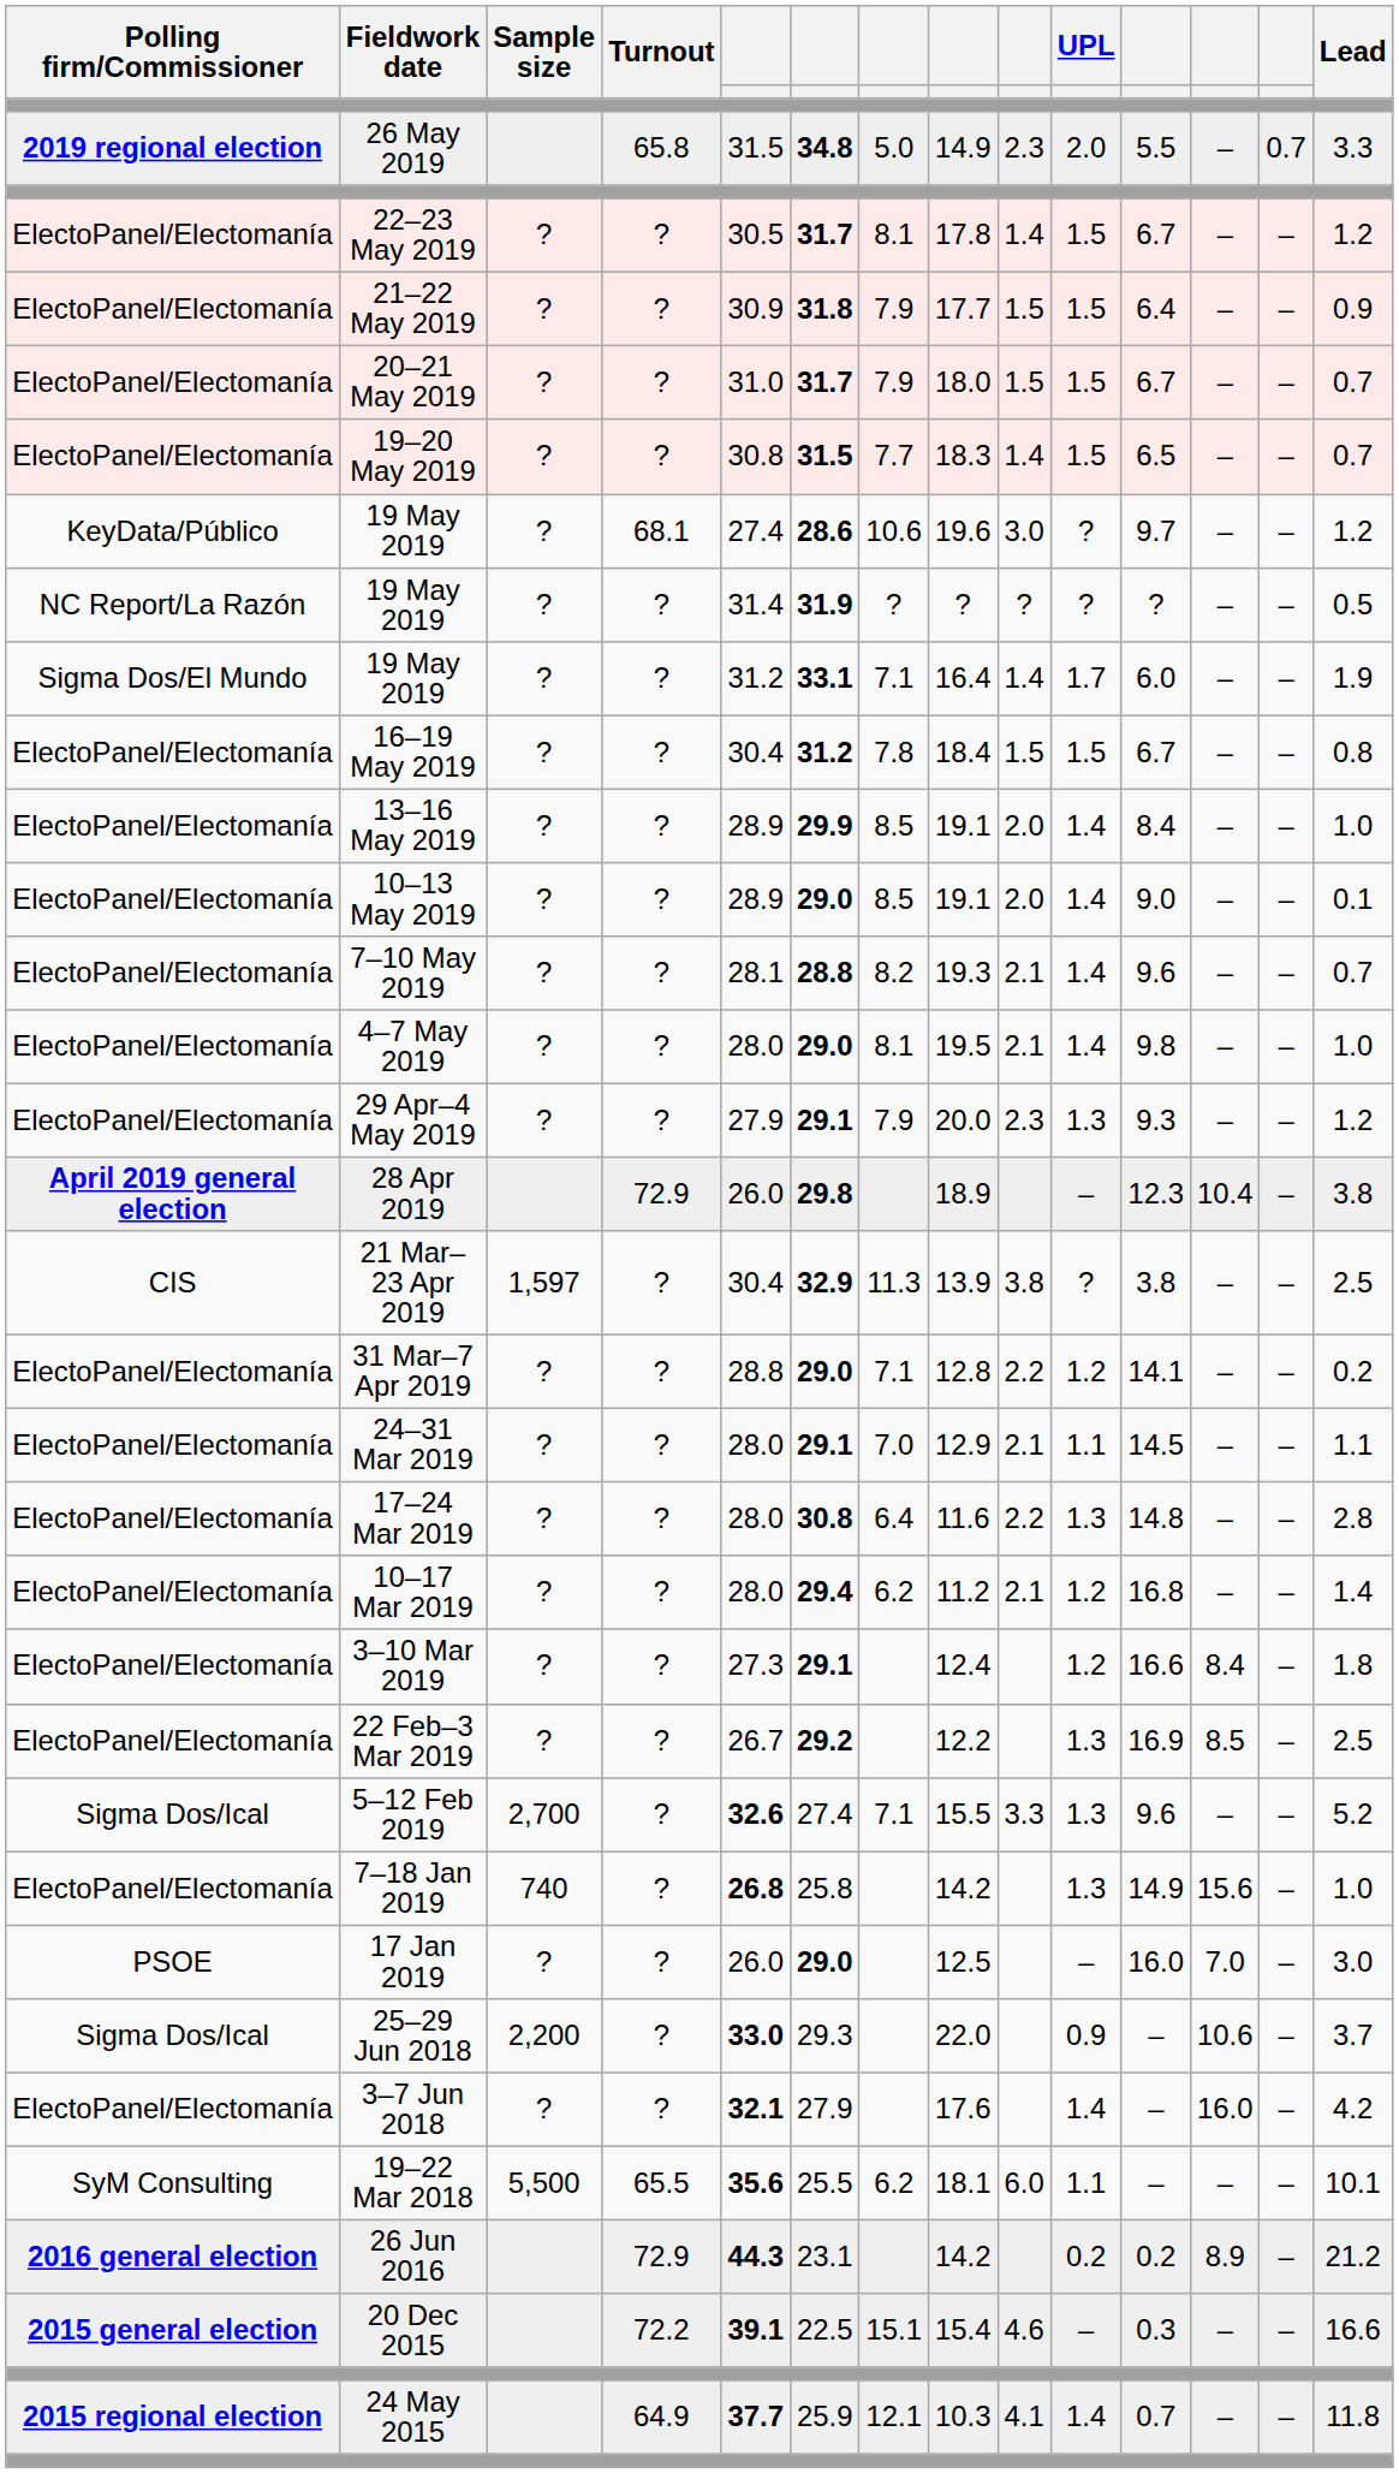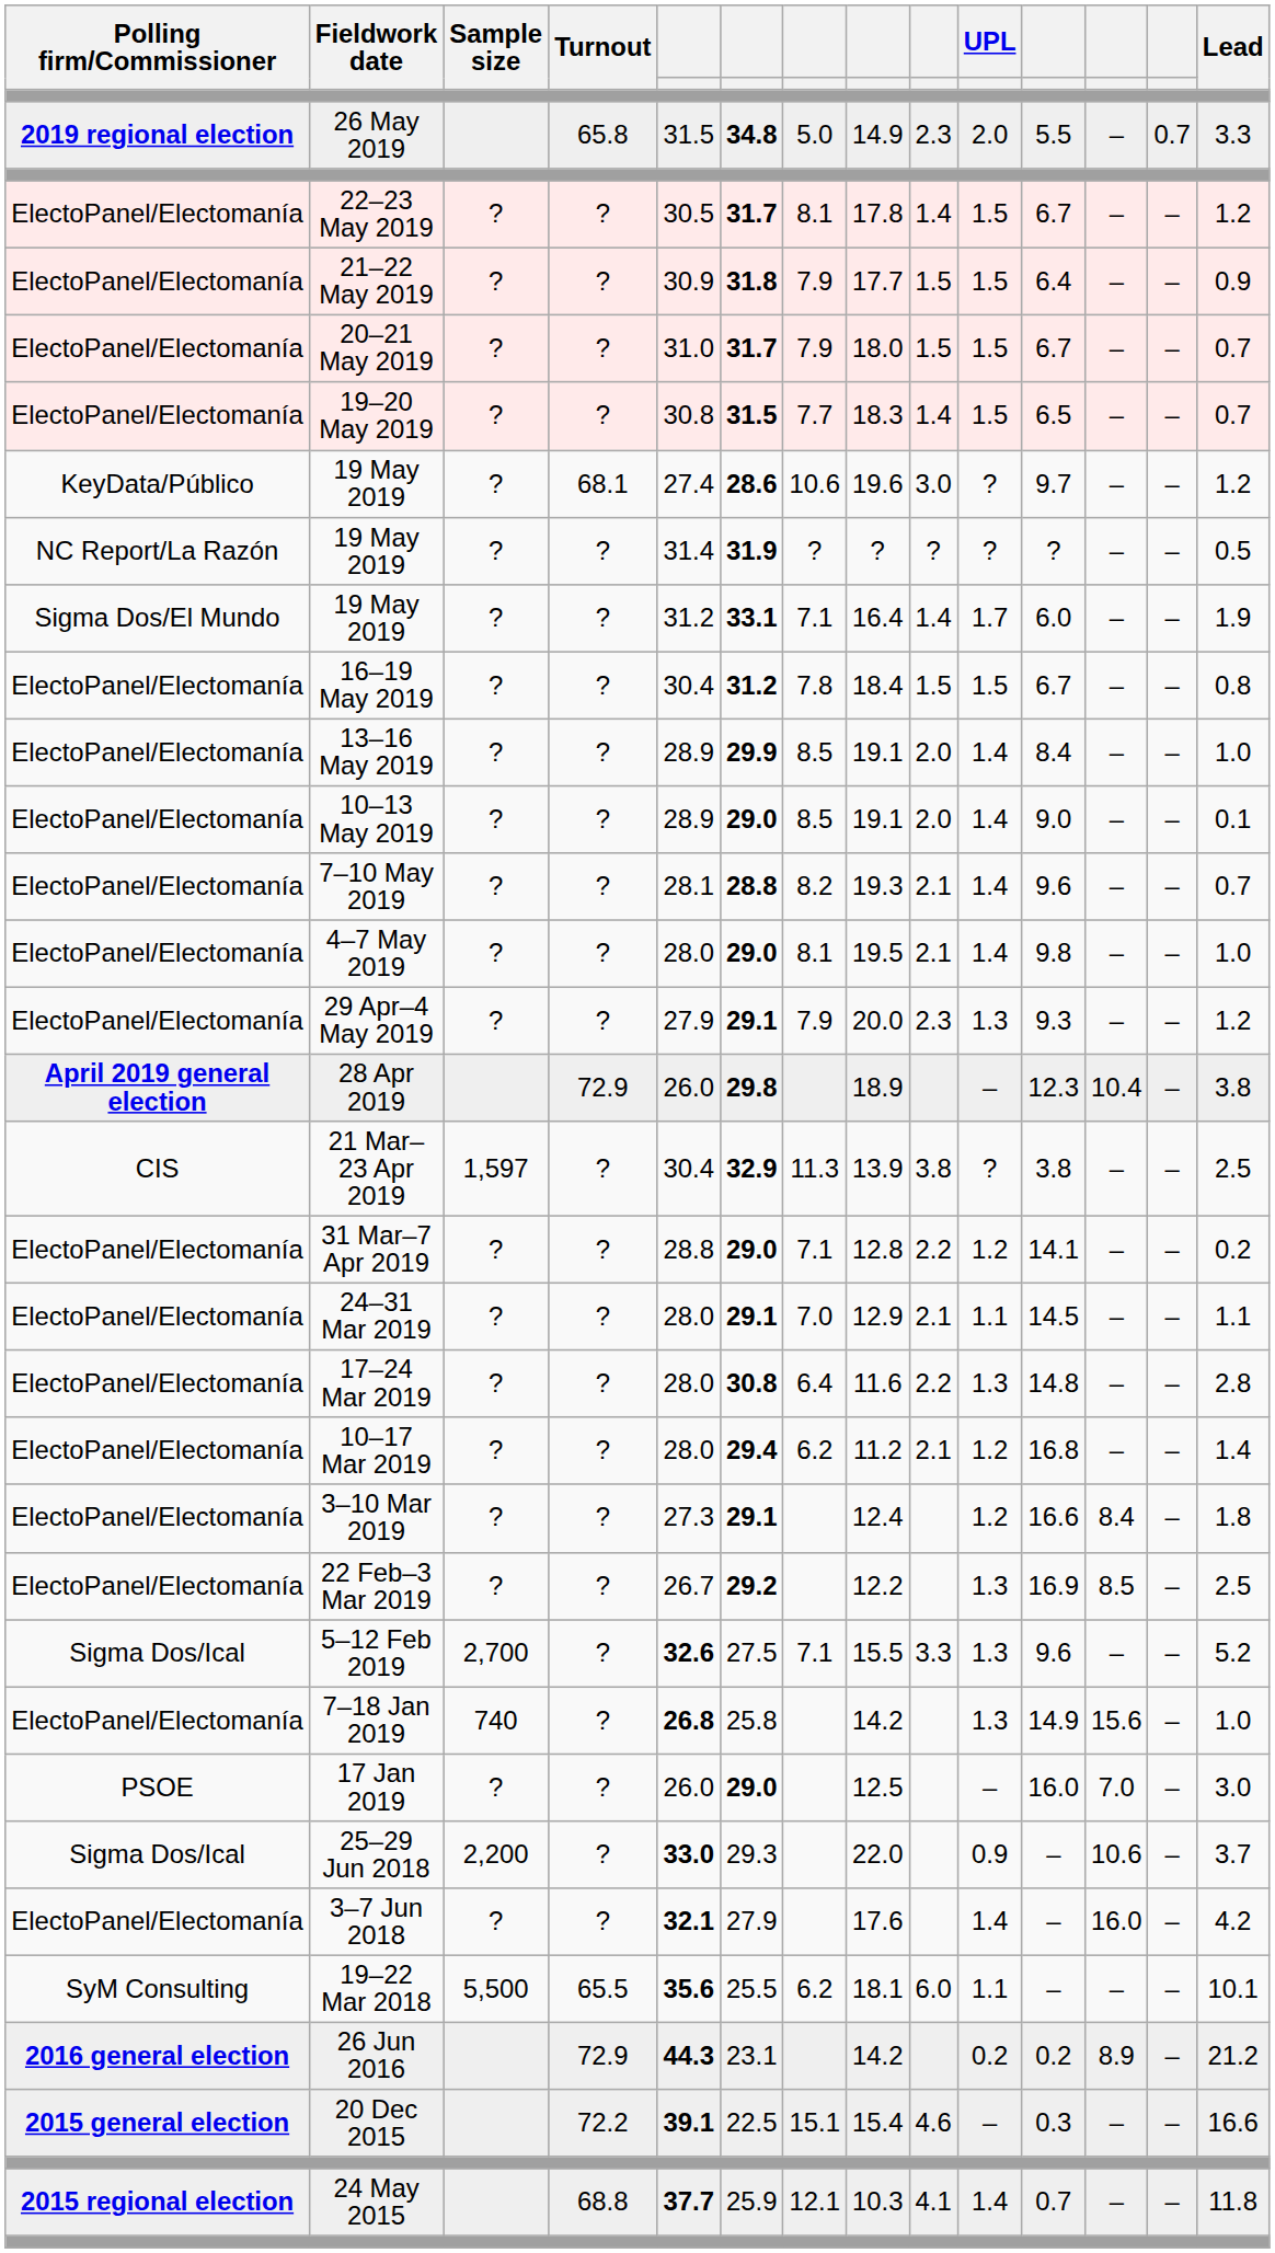 <table class="wikitable collapsible collapsed" style="text-align:center; font-size:95%; line-height:16px;">
 <tr style="height:42px;">
 <th style="width:250px;" rowspan="2">Polling firm/Commissioner</th>
 <th style="width:125px;" rowspan="2">Fieldwork date</th>
 <th style="width:50px;" rowspan="2">Sample size</th>
 <th style="width:45px;" rowspan="2">Turnout</th>
 <th style="width:35px;"></th>
 <th style="width:35px;"></th>
 <th style="width:35px;"></th>
 <th style="width:35px;"></th>
 <th style="width:35px;"></th>
 <th style="width:35px;"><a href='#'>UPL</a></th>
 <th style="width:35px;"></th>
 <th style="width:35px;"></th>
 <th style="width:35px;"></th>
 <th style="width:30px;" rowspan="2">Lead</th>
 </tr>
 <tr>
 <th style="color:inherit;background:"></th>
 <th style="color:inherit;background:"></th>
 <th style="color:inherit;background:"></th>
 <th style="color:inherit;background:"></th>
 <th style="color:inherit;background:"></th>
 <th style="color:inherit;background:"></th>
 <th style="color:inherit;background:"></th>
 <th style="color:inherit;background:"></th>
 <th style="color:inherit;background:"></th>
 </tr>
 <tr>
 <td colspan="14" style="background:#A0A0A0"></td>
 </tr>
 <tr style="background:#EFEFEF;">
 <td><strong><a href='#'>2019 regional election</a></strong></td>
 <td>26 May 2019</td>
 <td></td>
 <td>65.8</td>
 <td>31.5<br></td>
 <td><strong>34.8</strong><br></td>
 <td>5.0<br></td>
 <td>14.9<br></td>
 <td>2.3<br></td>
 <td>2.0<br></td>
 <td>5.5<br></td>
 <td>–</td>
 <td>0.7<br></td>
 <td style="background:">3.3</td>
 </tr>
 <tr>
 <td colspan="14" style="background:#A0A0A0"></td>
 </tr>
 <tr style="background:#FFEAEA;">
 <td>ElectoPanel/Electomanía</td>
 <td>22–23 May 2019</td>
 <td>?</td>
 <td>?</td>
 <td>30.5<br></td>
 <td><strong>31.7</strong><br></td>
 <td>8.1<br></td>
 <td>17.8<br></td>
 <td>1.4<br></td>
 <td>1.5<br></td>
 <td>6.7<br></td>
 <td>–</td>
 <td>–</td>
 <td style="background:">1.2</td>
 </tr>
 <tr style="background:#FFEAEA;">
 <td>ElectoPanel/Electomanía</td>
 <td>21–22 May 2019</td>
 <td>?</td>
 <td>?</td>
 <td>30.9<br></td>
 <td><strong>31.8</strong><br></td>
 <td>7.9<br></td>
 <td>17.7<br></td>
 <td>1.5<br></td>
 <td>1.5<br></td>
 <td>6.4<br></td>
 <td>–</td>
 <td>–</td>
 <td style="background:">0.9</td>
 </tr>
 <tr style="background:#FFEAEA;">
 <td>ElectoPanel/Electomanía</td>
 <td>20–21 May 2019</td>
 <td>?</td>
 <td>?</td>
 <td>31.0<br></td>
 <td><strong>31.7</strong><br></td>
 <td>7.9<br></td>
 <td>18.0<br></td>
 <td>1.5<br></td>
 <td>1.5<br></td>
 <td>6.7<br></td>
 <td>–</td>
 <td>–</td>
 <td style="background:">0.7</td>
 </tr>
 <tr style="background:#FFEAEA;">
 <td>ElectoPanel/Electomanía</td>
 <td>19–20 May 2019</td>
 <td>?</td>
 <td>?</td>
 <td>30.8<br></td>
 <td><strong>31.5</strong><br></td>
 <td>7.7<br></td>
 <td>18.3<br></td>
 <td>1.4<br></td>
 <td>1.5<br></td>
 <td>6.5<br></td>
 <td>–</td>
 <td>–</td>
 <td style="background:">0.7</td>
 </tr>
 <tr>
 <td>KeyData/Público</td>
 <td>19 May 2019</td>
 <td>?</td>
 <td>68.1</td>
 <td>27.4<br></td>
 <td><strong>28.6</strong><br></td>
 <td>10.6<br></td>
 <td>19.6<br></td>
 <td>3.0<br></td>
 <td>?<br></td>
 <td>9.7<br></td>
 <td>–</td>
 <td>–</td>
 <td style="background:">1.2</td>
 </tr>
 <tr>
 <td>NC Report/La Razón</td>
 <td>19 May 2019</td>
 <td>?</td>
 <td>?</td>
 <td>31.4<br></td>
 <td><strong>31.9</strong><br></td>
 <td>?<br></td>
 <td>?<br></td>
 <td>?<br></td>
 <td>?<br></td>
 <td>?<br></td>
 <td>–</td>
 <td>–</td>
 <td style="background:">0.5</td>
 </tr>
 <tr>
 <td>Sigma Dos/El Mundo</td>
 <td>19 May 2019</td>
 <td>?</td>
 <td>?</td>
 <td>31.2<br></td>
 <td><strong>33.1</strong><br></td>
 <td>7.1<br></td>
 <td>16.4<br></td>
 <td>1.4<br></td>
 <td>1.7<br></td>
 <td>6.0<br></td>
 <td>–</td>
 <td>–</td>
 <td style="background:">1.9</td>
 </tr>
 <tr>
 <td>ElectoPanel/Electomanía</td>
 <td>16–19 May 2019</td>
 <td>?</td>
 <td>?</td>
 <td>30.4<br></td>
 <td><strong>31.2</strong><br></td>
 <td>7.8<br></td>
 <td>18.4<br></td>
 <td>1.5<br></td>
 <td>1.5<br></td>
 <td>6.7<br></td>
 <td>–</td>
 <td>–</td>
 <td style="background:">0.8</td>
 </tr>
 <tr>
 <td>ElectoPanel/Electomanía</td>
 <td>13–16 May 2019</td>
 <td>?</td>
 <td>?</td>
 <td>28.9<br></td>
 <td><strong>29.9</strong><br></td>
 <td>8.5<br></td>
 <td>19.1<br></td>
 <td>2.0<br></td>
 <td>1.4<br></td>
 <td>8.4<br></td>
 <td>–</td>
 <td>–</td>
 <td style="background:">1.0</td>
 </tr>
 <tr>
 <td>ElectoPanel/Electomanía</td>
 <td>10–13 May 2019</td>
 <td>?</td>
 <td>?</td>
 <td>28.9<br></td>
 <td><strong>29.0</strong><br></td>
 <td>8.5<br></td>
 <td>19.1<br></td>
 <td>2.0<br></td>
 <td>1.4<br></td>
 <td>9.0<br></td>
 <td>–</td>
 <td>–</td>
 <td style="background:">0.1</td>
 </tr>
 <tr>
 <td>ElectoPanel/Electomanía</td>
 <td>7–10 May 2019</td>
 <td>?</td>
 <td>?</td>
 <td>28.1<br></td>
 <td><strong>28.8</strong><br></td>
 <td>8.2<br></td>
 <td>19.3<br></td>
 <td>2.1<br></td>
 <td>1.4<br></td>
 <td>9.6<br></td>
 <td>–</td>
 <td>–</td>
 <td style="background:">0.7</td>
 </tr>
 <tr>
 <td>ElectoPanel/Electomanía</td>
 <td>4–7 May 2019</td>
 <td>?</td>
 <td>?</td>
 <td>28.0<br></td>
 <td><strong>29.0</strong><br></td>
 <td>8.1<br></td>
 <td>19.5<br></td>
 <td>2.1<br></td>
 <td>1.4<br></td>
 <td>9.8<br></td>
 <td>–</td>
 <td>–</td>
 <td style="background:">1.0</td>
 </tr>
 <tr>
 <td>ElectoPanel/Electomanía</td>
 <td>29 Apr–4 May 2019</td>
 <td>?</td>
 <td>?</td>
 <td>27.9<br></td>
 <td><strong>29.1</strong><br></td>
 <td>7.9<br></td>
 <td>20.0<br></td>
 <td>2.3<br></td>
 <td>1.3<br></td>
 <td>9.3<br></td>
 <td>–</td>
 <td>–</td>
 <td style="background:">1.2</td>
 </tr>
 <tr style="background:#EFEFEF;">
 <td><strong><a href='#'>April 2019 general election</a></strong></td>
 <td>28 Apr 2019</td>
 <td></td>
 <td>72.9</td>
 <td>26.0<br></td>
 <td><strong>29.8</strong><br></td>
 <td></td>
 <td>18.9<br></td>
 <td></td>
 <td>–</td>
 <td>12.3<br></td>
 <td>10.4<br></td>
 <td>–</td>
 <td style="background:">3.8</td>
 </tr>
 <tr>
 <td>CIS</td>
 <td>21 Mar–23 Apr 2019</td>
 <td>1,597</td>
 <td>?</td>
 <td>30.4<br></td>
 <td><strong>32.9</strong><br></td>
 <td>11.3<br></td>
 <td>13.9<br></td>
 <td>3.8<br></td>
 <td>?<br></td>
 <td>3.8<br></td>
 <td>–</td>
 <td>–</td>
 <td style="background:">2.5</td>
 </tr>
 <tr>
 <td>ElectoPanel/Electomanía</td>
 <td>31 Mar–7 Apr 2019</td>
 <td>?</td>
 <td>?</td>
 <td>28.8<br></td>
 <td><strong>29.0</strong><br></td>
 <td>7.1<br></td>
 <td>12.8<br></td>
 <td>2.2<br></td>
 <td>1.2<br></td>
 <td>14.1<br></td>
 <td>–</td>
 <td>–</td>
 <td style="background:">0.2</td>
 </tr>
 <tr>
 <td>ElectoPanel/Electomanía</td>
 <td>24–31 Mar 2019</td>
 <td>?</td>
 <td>?</td>
 <td>28.0<br></td>
 <td><strong>29.1</strong><br></td>
 <td>7.0<br></td>
 <td>12.9<br></td>
 <td>2.1<br></td>
 <td>1.1<br></td>
 <td>14.5<br></td>
 <td>–</td>
 <td>–</td>
 <td style="background:">1.1</td>
 </tr>
 <tr>
 <td>ElectoPanel/Electomanía</td>
 <td>17–24 Mar 2019</td>
 <td>?</td>
 <td>?</td>
 <td>28.0<br></td>
 <td><strong>30.8</strong><br></td>
 <td>6.4<br></td>
 <td>11.6<br></td>
 <td>2.2<br></td>
 <td>1.3<br></td>
 <td>14.8<br></td>
 <td>–</td>
 <td>–</td>
 <td style="background:">2.8</td>
 </tr>
 <tr>
 <td>ElectoPanel/Electomanía</td>
 <td>10–17 Mar 2019</td>
 <td>?</td>
 <td>?</td>
 <td>28.0<br></td>
 <td><strong>29.4</strong><br></td>
 <td>6.2<br></td>
 <td>11.2<br></td>
 <td>2.1<br></td>
 <td>1.2<br></td>
 <td>16.8<br></td>
 <td>–</td>
 <td>–</td>
 <td style="background:">1.4</td>
 </tr>
 <tr>
 <td>ElectoPanel/Electomanía</td>
 <td>3–10 Mar 2019</td>
 <td>?</td>
 <td>?</td>
 <td>27.3<br></td>
 <td><strong>29.1</strong><br></td>
 <td></td>
 <td>12.4<br></td>
 <td></td>
 <td>1.2<br></td>
 <td>16.6<br></td>
 <td>8.4<br></td>
 <td>–</td>
 <td style="background:">1.8</td>
 </tr>
 <tr>
 <td>ElectoPanel/Electomanía</td>
 <td>22 Feb–3 Mar 2019</td>
 <td>?</td>
 <td>?</td>
 <td>26.7<br></td>
 <td><strong>29.2</strong><br></td>
 <td></td>
 <td>12.2<br></td>
 <td></td>
 <td>1.3<br></td>
 <td>16.9<br></td>
 <td>8.5<br></td>
 <td>–</td>
 <td style="background:">2.5</td>
 </tr>
 <tr>
 <td>Sigma Dos/Ical</td>
 <td>5–12 Feb 2019</td>
 <td>2,700</td>
 <td>?</td>
 <td><strong>32.6</strong><br></td>
-<td>27.4<br></td>
+<td>27.5<br></td>
 <td>7.1<br></td>
 <td>15.5<br></td>
 <td>3.3<br></td>
 <td>1.3<br></td>
 <td>9.6<br></td>
 <td>–</td>
 <td>–</td>
 <td style="background:">5.2</td>
 </tr>
 <tr>
 <td>ElectoPanel/Electomanía</td>
 <td>7–18 Jan 2019</td>
 <td>740</td>
 <td>?</td>
 <td><strong>26.8</strong><br></td>
 <td>25.8<br></td>
 <td></td>
 <td>14.2<br></td>
 <td></td>
 <td>1.3<br></td>
 <td>14.9<br></td>
 <td>15.6<br></td>
 <td>–</td>
 <td style="background:">1.0</td>
 </tr>
 <tr>
 <td>PSOE</td>
 <td>17 Jan 2019</td>
 <td>?</td>
 <td>?</td>
 <td>26.0<br></td>
 <td><strong>29.0</strong><br></td>
 <td></td>
 <td>12.5<br></td>
 <td></td>
 <td>–</td>
 <td>16.0<br></td>
 <td>7.0<br></td>
 <td>–</td>
 <td style="background:">3.0</td>
 </tr>
 <tr>
 <td>Sigma Dos/Ical</td>
 <td>25–29 Jun 2018</td>
 <td>2,200</td>
 <td>?</td>
 <td><strong>33.0</strong><br></td>
 <td>29.3<br></td>
 <td></td>
 <td>22.0<br></td>
 <td></td>
 <td>0.9<br></td>
 <td>–</td>
 <td>10.6<br></td>
 <td>–</td>
 <td style="background:">3.7</td>
 </tr>
 <tr>
 <td>ElectoPanel/Electomanía</td>
 <td>3–7 Jun 2018</td>
 <td>?</td>
 <td>?</td>
 <td><strong>32.1</strong><br></td>
 <td>27.9<br></td>
 <td></td>
 <td>17.6<br></td>
 <td></td>
 <td>1.4<br></td>
 <td>–</td>
 <td>16.0<br></td>
 <td>–</td>
 <td style="background:">4.2</td>
 </tr>
 <tr>
 <td>SyM Consulting</td>
 <td>19–22 Mar 2018</td>
 <td>5,500</td>
 <td>65.5</td>
 <td><strong>35.6</strong><br></td>
 <td>25.5<br></td>
 <td>6.2<br></td>
 <td>18.1<br></td>
 <td>6.0<br></td>
 <td>1.1<br></td>
 <td>–</td>
 <td>–</td>
 <td>–</td>
 <td style="background:">10.1</td>
 </tr>
 <tr style="background:#EFEFEF;">
 <td><strong><a href='#'>2016 general election</a></strong></td>
 <td>26 Jun 2016</td>
 <td></td>
 <td>72.9</td>
 <td><strong>44.3</strong><br></td>
 <td>23.1<br></td>
 <td></td>
 <td>14.2<br></td>
 <td></td>
 <td>0.2<br></td>
 <td>0.2<br></td>
 <td>8.9<br></td>
 <td>–</td>
 <td style="background:">21.2</td>
 </tr>
 <tr style="background:#EFEFEF;">
 <td><strong><a href='#'>2015 general election</a></strong></td>
 <td>20 Dec 2015</td>
 <td></td>
 <td>72.2</td>
 <td><strong>39.1</strong><br></td>
 <td>22.5<br></td>
 <td>15.1<br></td>
 <td>15.4<br></td>
 <td>4.6<br></td>
 <td>–</td>
 <td>0.3<br></td>
 <td>–</td>
 <td>–</td>
 <td style="background:">16.6</td>
 </tr>
 <tr>
 <td colspan="14" style="background:#A0A0A0"></td>
 </tr>
 <tr style="background:#EFEFEF;">
 <td><strong><a href='#'>2015 regional election</a></strong></td>
 <td>24 May 2015</td>
 <td></td>
-<td>64.9</td>
+<td>68.8</td>
 <td><strong>37.7</strong><br></td>
 <td>25.9<br></td>
 <td>12.1<br></td>
 <td>10.3<br></td>
 <td>4.1<br></td>
 <td>1.4<br></td>
 <td>0.7<br></td>
 <td>–</td>
 <td>–</td>
 <td style="background:">11.8</td>
 </tr>
 <tr>
 <td colspan="14" style="background:#A0A0A0"></td>
 </tr>
 </table>
